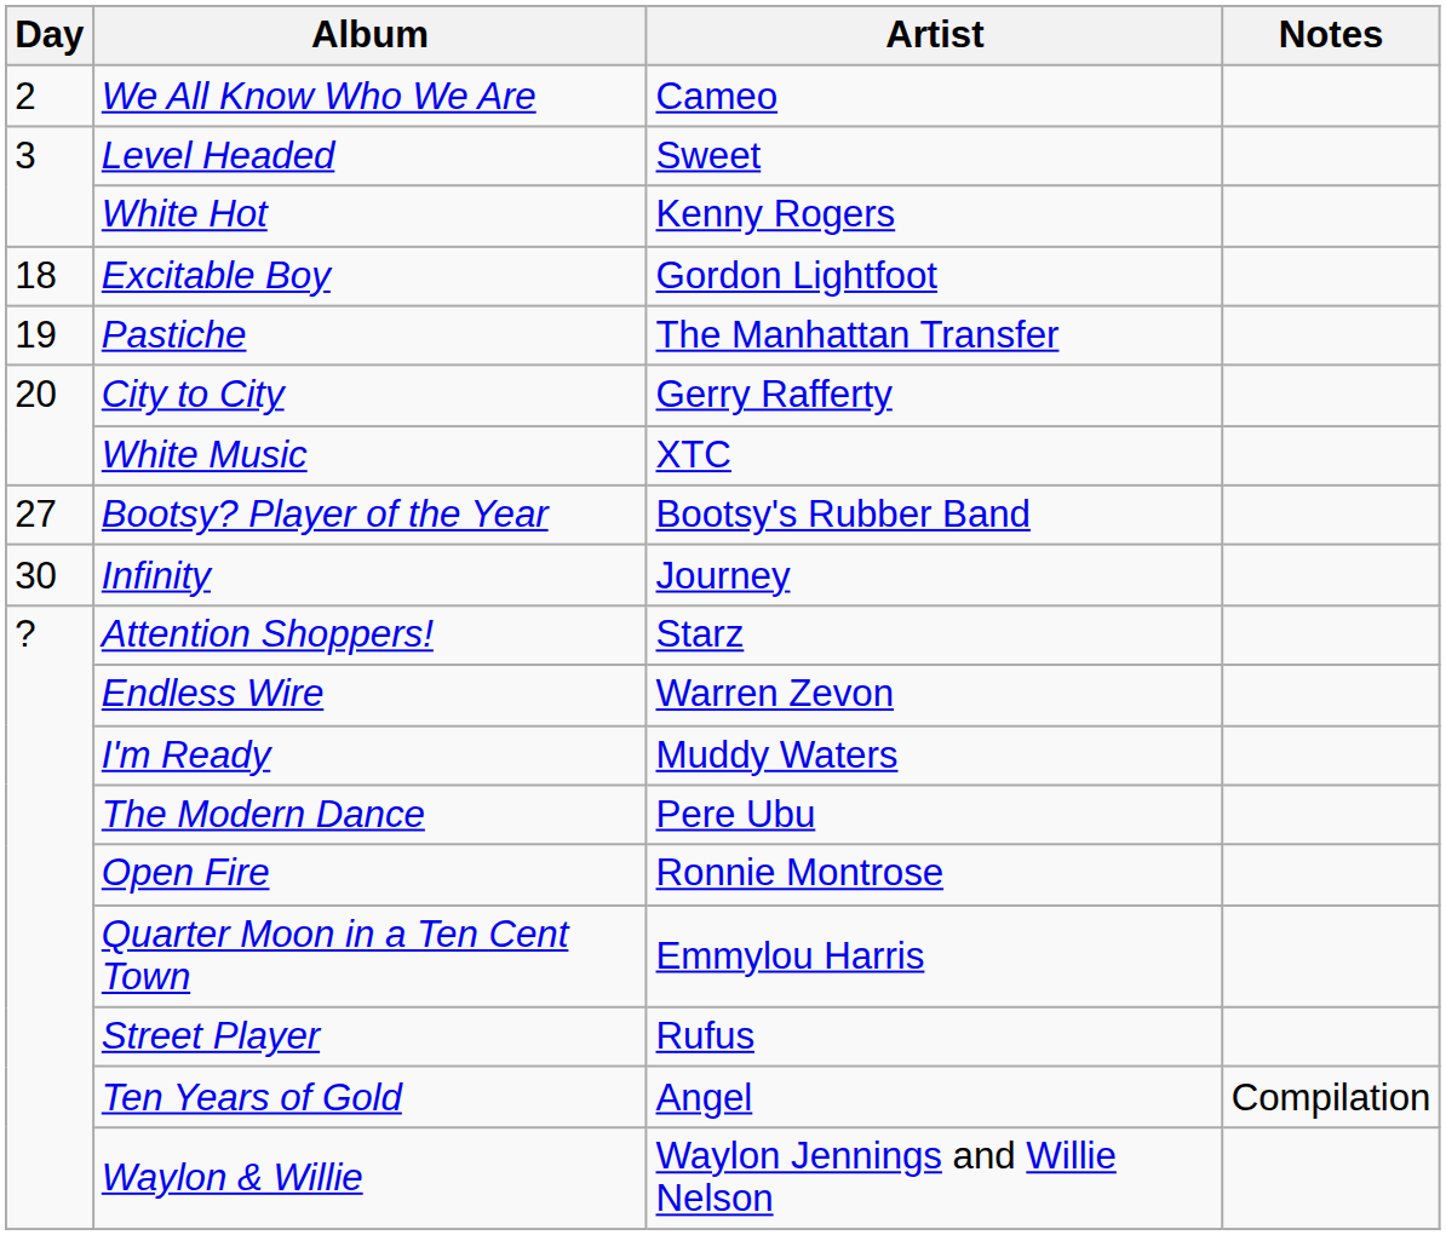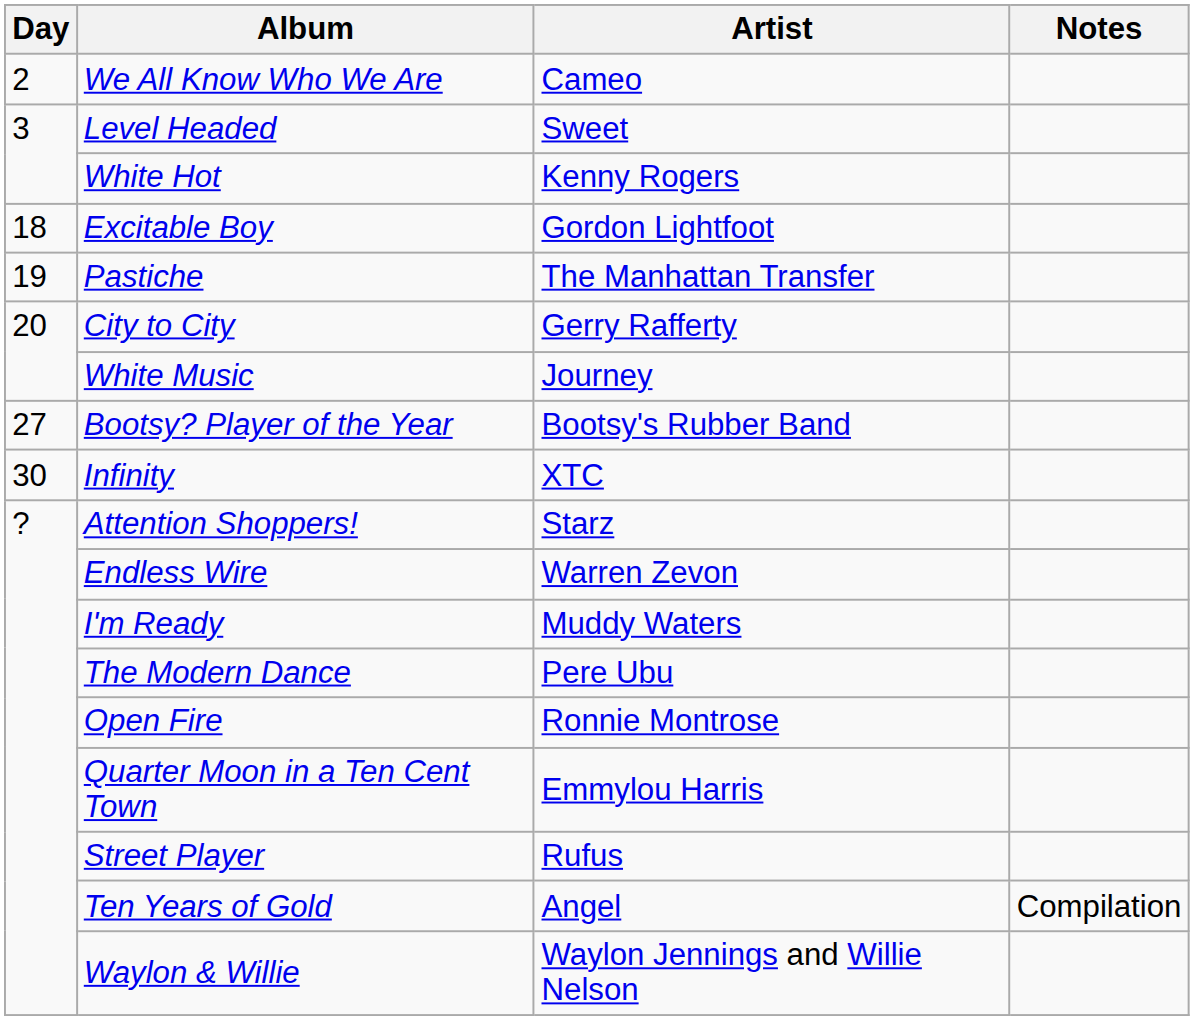 <table class="wikitable">
 <tr>
 <th>Day</th>
 <th>Album</th>
 <th>Artist</th>
 <th>Notes</th>
 </tr>
 <tr>
 <td valign="top">2</td>
 <td><em><a href='#'>We All Know Who We Are</a></em></td>
 <td><a href='#'>Cameo</a></td>
 <td></td>
 </tr>
 <tr>
 <td rowspan="2" valign="top">3</td>
 <td><em><a href='#'>Level Headed</a></em></td>
 <td><a href='#'>Sweet</a></td>
 <td></td>
 </tr>
 <tr>
 <td><em><a href='#'>White Hot</a></em></td>
 <td><a href='#'>Kenny Rogers</a></td>
 <td></td>
 </tr>
 <tr>
 <td valign="top">18</td>
 <td><em><a href='#'>Excitable Boy</a></em></td>
 <td><a href='#'>Gordon Lightfoot</a></td>
 <td></td>
 </tr>
 <tr>
 <td valign="top">19</td>
 <td><em><a href='#'>Pastiche</a></em></td>
 <td><a href='#'>The Manhattan Transfer</a></td>
 <td></td>
 </tr>
 <tr>
 <td rowspan="2" valign="top">20</td>
 <td><em><a href='#'>City to City</a></em></td>
 <td><a href='#'>Gerry Rafferty</a></td>
 <td></td>
 </tr>
 <tr>
 <td><em><a href='#'>White Music</a></em></td>
-<td><a href='#'>XTC</a></td>
+<td><a href='#'>Journey</a></td>
 <td></td>
 </tr>
 <tr>
 <td valign="top">27</td>
 <td><em><a href='#'>Bootsy? Player of the Year</a></em></td>
 <td><a href='#'>Bootsy's Rubber Band</a></td>
 <td></td>
 </tr>
 <tr>
 <td valign="top">30</td>
 <td><em><a href='#'>Infinity</a></em></td>
-<td><a href='#'>Journey</a></td>
+<td><a href='#'>XTC</a></td>
 <td></td>
 </tr>
 <tr>
 <td rowspan="9" valign="top">?</td>
 <td><em><a href='#'>Attention Shoppers!</a></em></td>
 <td><a href='#'>Starz</a></td>
 <td></td>
 </tr>
 <tr>
 <td><em><a href='#'>Endless Wire</a></em></td>
 <td><a href='#'>Warren Zevon</a></td>
 <td></td>
 </tr>
 <tr>
 <td><em><a href='#'>I'm Ready</a></em></td>
 <td><a href='#'>Muddy Waters</a></td>
 <td></td>
 </tr>
 <tr>
 <td><em><a href='#'>The Modern Dance</a></em></td>
 <td><a href='#'>Pere Ubu</a></td>
 <td></td>
 </tr>
 <tr>
 <td><em><a href='#'>Open Fire</a></em></td>
 <td><a href='#'>Ronnie Montrose</a></td>
 <td></td>
 </tr>
 <tr>
 <td><em><a href='#'>Quarter Moon in a Ten Cent Town</a></em></td>
 <td><a href='#'>Emmylou Harris</a></td>
 <td></td>
 </tr>
 <tr>
 <td><em><a href='#'>Street Player</a></em></td>
 <td><a href='#'>Rufus</a></td>
 <td></td>
 </tr>
 <tr>
 <td><em><a href='#'>Ten Years of Gold</a></em></td>
 <td><a href='#'>Angel</a></td>
 <td>Compilation</td>
 </tr>
 <tr>
 <td><em><a href='#'>Waylon & Willie</a></em></td>
 <td><a href='#'>Waylon Jennings</a> and <a href='#'>Willie Nelson</a></td>
 <td></td>
 </tr>
 </table>
